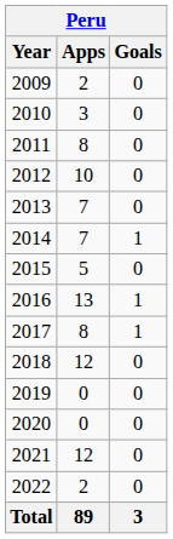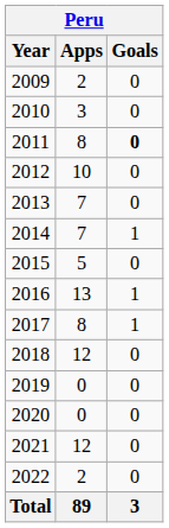 <table class="wikitable" style="text-align:center">
 <tr>
 <th colspan="3"><a href='#'>Peru</a></th>
 </tr>
 <tr>
 <th>Year</th>
 <th>Apps</th>
 <th>Goals</th>
 </tr>
 <tr>
 <td>2009</td>
 <td>2</td>
 <td>0</td>
 </tr>
 <tr>
 <td>2010</td>
 <td>3</td>
 <td>0</td>
 </tr>
 <tr>
 <td>2011</td>
 <td>8</td>
-<td>0</td>
+<td><strong>0</strong></td>
 </tr>
 <tr>
 <td>2012</td>
 <td>10</td>
 <td>0</td>
 </tr>
 <tr>
 <td>2013</td>
 <td>7</td>
 <td>0</td>
 </tr>
 <tr>
 <td>2014</td>
 <td>7</td>
 <td>1</td>
 </tr>
 <tr>
 <td>2015</td>
 <td>5</td>
 <td>0</td>
 </tr>
 <tr>
 <td>2016</td>
 <td>13</td>
 <td>1</td>
 </tr>
 <tr>
 <td>2017</td>
 <td>8</td>
 <td>1</td>
 </tr>
 <tr>
 <td>2018</td>
 <td>12</td>
 <td>0</td>
 </tr>
 <tr>
 <td>2019</td>
 <td>0</td>
 <td>0</td>
 </tr>
 <tr>
 <td>2020</td>
 <td>0</td>
 <td>0</td>
 </tr>
 <tr>
 <td>2021</td>
 <td>12</td>
 <td>0</td>
 </tr>
 <tr>
 <td>2022</td>
 <td>2</td>
 <td>0</td>
 </tr>
 <tr>
 <th>Total</th>
 <th>89</th>
 <th>3</th>
 </tr>
 </table>
